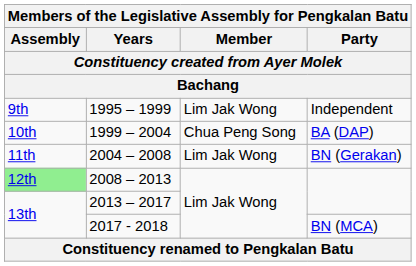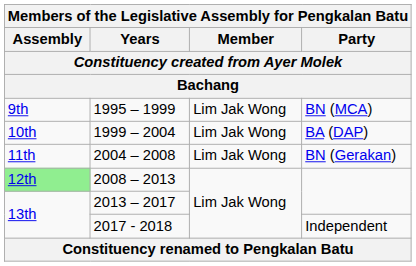 <table class="wikitable">
 <tr>
 <th colspan="4">Members of the Legislative Assembly for Pengkalan Batu</th>
 </tr>
 <tr>
 <th>Assembly</th>
 <th>Years</th>
 <th>Member</th>
 <th>Party</th>
 </tr>
 <tr>
 <th colspan="4" align="center"><em>Constituency created from Ayer Molek</em></th>
 </tr>
 <tr>
 <th colspan="4" align="center">Bachang</th>
 </tr>
 <tr>
 <td><a href='#'>9th</a></td>
 <td>1995 – 1999</td>
 <td>Lim Jak Wong</td>
-<td>Independent</td>
+<td><a href='#'>BN</a> (<a href='#'>MCA</a>)</td>
 </tr>
 <tr>
 <td><a href='#'>10th</a></td>
 <td>1999 – 2004</td>
-<td>Chua Peng Song</td>
+<td>Lim Jak Wong</td>
 <td><a href='#'>BA</a> (<a href='#'>DAP</a>)</td>
 </tr>
 <tr>
 <td><a href='#'>11th</a></td>
 <td>2004 – 2008</td>
 <td>Lim Jak Wong</td>
 <td><a href='#'>BN</a> (<a href='#'>Gerakan</a>)</td>
 </tr>
 <tr>
 <td style="background: lightgreen;"><a href='#'>12th</a></td>
 <td>2008 – 2013</td>
 <td rowspan="3">Lim Jak Wong</td>
 <td rowspan="2"></td>
 </tr>
 <tr>
 <td rowspan="2"><a href='#'>13th</a></td>
 <td>2013 – 2017</td>
 </tr>
 <tr>
 <td>2017 - 2018</td>
-<td><a href='#'>BN</a> (<a href='#'>MCA</a>)</td>
+<td>Independent</td>
 </tr>
 <tr>
 <th colspan="4" align="center">Constituency renamed to Pengkalan Batu</th>
 </tr>
 </table>
